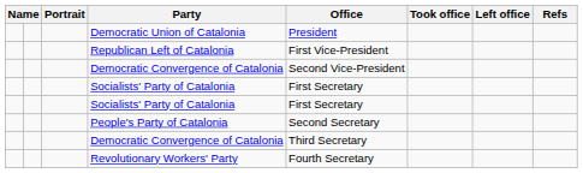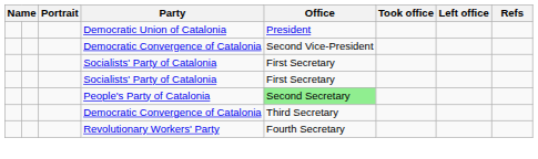 <table class="wikitable plainrowheaders sortable mw-collapsible mw-collapsed" style="font-size:90%; text-align:left;">
 <tr>
 <th scope=col colspan="2">Name</th>
 <th scope=col class=unsortable>Portrait</th>
 <th scope=col>Party</th>
 <th scope=col>Office</th>
 <th scope=col>Took office</th>
 <th scope=col>Left office</th>
 <th scope=col width=50px class=unsortable>Refs</th>
 </tr>
 <tr>
 <td !align="center" style="background:"></td>
 <td></td>
 <td align=center></td>
 <td><a href='#'>Democratic Union of Catalonia</a></td>
 <td><a href='#'>President</a></td>
-<td align=center></td>
-<td align=center></td>
-<td align=center></td>
-</tr>
-<tr>
-<td !align="center" style="background:"></td>
-<td></td>
-<td align=center></td>
-<td><a href='#'>Republican Left of Catalonia</a></td>
-<td>First Vice-President</td>
 <td align=center></td>
 <td align=center></td>
 <td align=center></td>
 </tr>
 <tr>
 <td !align="center" style="background:"></td>
 <td></td>
 <td align=center></td>
 <td><a href='#'>Democratic Convergence of Catalonia</a></td>
 <td>Second Vice-President</td>
 <td align=center></td>
 <td align=center></td>
 <td align=center></td>
 </tr>
 <tr>
 <td !align="center" style="background:"></td>
 <td></td>
 <td align=center></td>
 <td><a href='#'>Socialists' Party of Catalonia</a></td>
 <td>First Secretary</td>
 <td align=center></td>
 <td align=center></td>
 <td align=center></td>
 </tr>
 <tr>
 <td !align="center" style="background:"></td>
 <td></td>
 <td align=center></td>
 <td><a href='#'>Socialists' Party of Catalonia</a></td>
 <td>First Secretary</td>
 <td align=center></td>
 <td align=center></td>
 <td align=center></td>
 </tr>
 <tr>
 <td !align="center" style="background:"></td>
 <td></td>
 <td align=center></td>
 <td><a href='#'>People's Party of Catalonia</a></td>
-<td>Second Secretary</td>
+<td style="background: lightgreen;">Second Secretary</td>
 <td align=center></td>
 <td align=center></td>
 <td align=center></td>
 </tr>
 <tr>
 <td !align="center" style="background:"></td>
 <td></td>
 <td align=center></td>
 <td><a href='#'>Democratic Convergence of Catalonia</a></td>
 <td>Third Secretary</td>
 <td align=center></td>
 <td align=center></td>
 <td align=center></td>
 </tr>
 <tr>
 <td !align="center" style="background:"></td>
 <td></td>
 <td align=center></td>
 <td><a href='#'>Revolutionary Workers' Party</a></td>
 <td>Fourth Secretary</td>
 <td align=center></td>
 <td align=center></td>
 <td align=center></td>
 </tr>
 </table>
